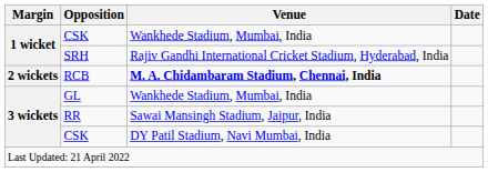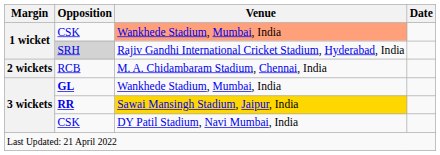 <table class="wikitable">
 <tr>
 <th>Margin</th>
 <th>Opposition</th>
 <th>Venue</th>
 <th>Date</th>
 </tr>
 <tr>
 <th rowspan=2>1 wicket</th>
 <td><a href='#'>CSK</a></td>
-<td><a href='#'>Wankhede Stadium</a>, <a href='#'>Mumbai</a>, India</td>
+<td style="background: lightsalmon;"><a href='#'>Wankhede Stadium</a>, <a href='#'>Mumbai</a>, India</td>
 <td></td>
 </tr>
 <tr>
-<td><a href='#'>SRH</a></td>
+<td style="background: lightgrey;"><a href='#'>SRH</a></td>
 <td><a href='#'>Rajiv Gandhi International Cricket Stadium</a>, <a href='#'>Hyderabad</a>, India</td>
 <td></td>
 </tr>
 <tr>
 <th>2 wickets</th>
 <td><a href='#'>RCB</a></td>
-<td><strong><a href='#'>M. A. Chidambaram Stadium</a>, <a href='#'>Chennai</a>, India</strong></td>
+<td><a href='#'>M. A. Chidambaram Stadium</a>, <a href='#'>Chennai</a>, India</td>
 <td></td>
 </tr>
 <tr>
 <th rowspan=3>3 wickets</th>
-<td><a href='#'>GL</a></td>
+<td><strong><a href='#'>GL</a></strong></td>
 <td><a href='#'>Wankhede Stadium</a>, <a href='#'>Mumbai</a>, India</td>
 <td></td>
 </tr>
 <tr>
-<td><a href='#'>RR</a></td>
-<td><a href='#'>Sawai Mansingh Stadium</a>, <a href='#'>Jaipur</a>, India</td>
+<td><strong><a href='#'>RR</a></strong></td>
+<td style="background: gold;"><a href='#'>Sawai Mansingh Stadium</a>, <a href='#'>Jaipur</a>, India</td>
 <td></td>
 </tr>
 <tr>
 <td><a href='#'>CSK</a></td>
 <td><a href='#'>DY Patil Stadium</a>, <a href='#'>Navi Mumbai</a>, India</td>
 <td></td>
 </tr>
 <tr class="sortbottom">
 <td colspan="4"><small>Last Updated: 21 April 2022</small></td>
 </tr>
 </table>
